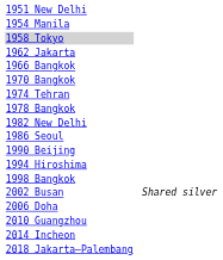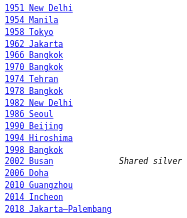 <table>
 <tr>
 <td><a href='#'>1951 New Delhi</a></td>
 <td></td>
 <td></td>
 <td></td>
 </tr>
 <tr>
 <td><a href='#'>1954 Manila</a></td>
 <td></td>
 <td></td>
 <td></td>
 </tr>
 <tr>
-<td style="background: lightgrey;"><a href='#'>1958 Tokyo</a></td>
+<td><a href='#'>1958 Tokyo</a></td>
 <td></td>
 <td></td>
 <td></td>
 </tr>
 <tr>
 <td><a href='#'>1962 Jakarta</a></td>
 <td></td>
 <td></td>
 <td></td>
 </tr>
 <tr>
 <td><a href='#'>1966 Bangkok</a></td>
 <td></td>
 <td></td>
 <td></td>
 </tr>
 <tr>
 <td><a href='#'>1970 Bangkok</a></td>
 <td></td>
 <td></td>
 <td></td>
 </tr>
 <tr>
 <td><a href='#'>1974 Tehran</a></td>
 <td></td>
 <td></td>
 <td></td>
 </tr>
 <tr>
 <td><a href='#'>1978 Bangkok</a></td>
 <td></td>
 <td></td>
 <td></td>
 </tr>
 <tr>
 <td><a href='#'>1982 New Delhi</a></td>
 <td></td>
 <td></td>
 <td></td>
 </tr>
 <tr>
 <td><a href='#'>1986 Seoul</a></td>
 <td></td>
 <td></td>
 <td></td>
 </tr>
 <tr>
 <td rowspan=4><a href='#'>1990 Beijing</a></td>
 <td rowspan=4></td>
 <td rowspan=4></td>
 <td></td>
 </tr>
 <tr>
 <td></td>
 </tr>
 <tr>
 <td></td>
 </tr>
 <tr>
 <td></td>
 </tr>
 <tr>
 <td><a href='#'>1994 Hiroshima</a></td>
 <td></td>
 <td></td>
 <td></td>
 </tr>
 <tr>
 <td rowspan=2><a href='#'>1998 Bangkok</a></td>
 <td rowspan=2></td>
 <td rowspan=2></td>
 <td></td>
 </tr>
 <tr>
 <td></td>
 </tr>
 <tr>
 <td rowspan=3><a href='#'>2002 Busan</a></td>
 <td rowspan=3></td>
 <td></td>
 <td rowspan=3><em>Shared silver</em></td>
 </tr>
 <tr>
 <td></td>
 </tr>
 <tr>
 <td></td>
 </tr>
 <tr>
 <td><a href='#'>2006 Doha</a></td>
 <td></td>
 <td></td>
 <td></td>
 </tr>
 <tr>
 <td rowspan=3><a href='#'>2010 Guangzhou</a></td>
 <td rowspan=3></td>
 <td rowspan=3></td>
 <td></td>
 </tr>
 <tr>
 <td></td>
 </tr>
 <tr>
 <td></td>
 </tr>
 <tr>
 <td><a href='#'>2014 Incheon</a></td>
 <td></td>
 <td></td>
 <td></td>
 </tr>
 <tr>
 <td rowspan=2><a href='#'>2018 Jakarta–Palembang</a></td>
 <td rowspan=2></td>
 <td rowspan=2></td>
 <td></td>
 </tr>
 <tr>
 <td></td>
 </tr>
 </table>
